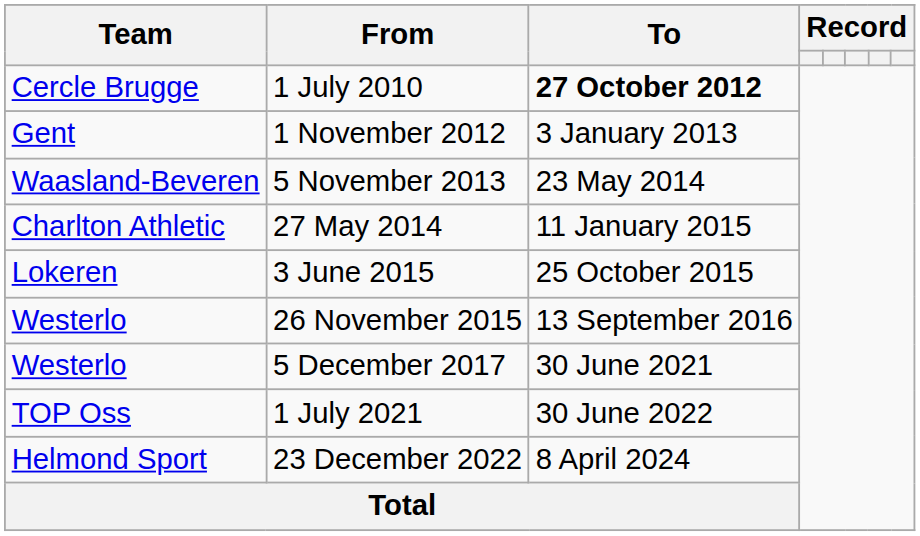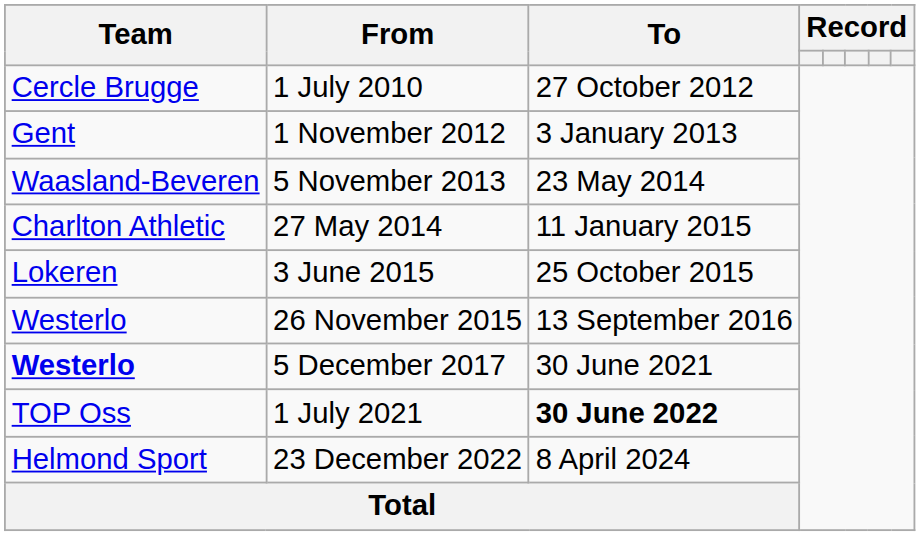 <table class=wikitable style=text-align:center>
 <tr>
 <th rowspan=2>Team</th>
 <th rowspan=2>From</th>
 <th rowspan=2>To</th>
 <th colspan=5>Record</th>
 </tr>
 <tr>
 <th></th>
 <th></th>
 <th></th>
 <th></th>
 <th></th>
 </tr>
 <tr>
 <td align=left><a href='#'>Cercle Brugge</a></td>
 <td align=left>1 July 2010</td>
-<td align=left><strong>27 October 2012<br></strong></td>
+<td align=left>27 October 2012<br></td>
 </tr>
 <tr>
 <td align=left><a href='#'>Gent</a></td>
 <td align=left>1 November 2012</td>
 <td align=left>3 January 2013<br></td>
 </tr>
 <tr>
 <td align=left><a href='#'>Waasland-Beveren</a></td>
 <td align=left>5 November 2013</td>
 <td align=left>23 May 2014<br></td>
 </tr>
 <tr>
 <td align=left><a href='#'>Charlton Athletic</a></td>
 <td align=left>27 May 2014</td>
 <td align=left>11 January 2015<br></td>
 </tr>
 <tr>
 <td align=left><a href='#'>Lokeren</a></td>
 <td align=left>3 June 2015</td>
 <td align=left>25 October 2015<br></td>
 </tr>
 <tr>
 <td align=left><a href='#'>Westerlo</a></td>
 <td align=left>26 November 2015</td>
 <td align=left>13 September 2016<br></td>
 </tr>
 <tr>
-<td align=left><a href='#'>Westerlo</a></td>
+<td align=left><strong><a href='#'>Westerlo</a></strong></td>
 <td align=left>5 December 2017</td>
 <td align=left>30 June 2021<br></td>
 </tr>
 <tr>
 <td align=left><a href='#'>TOP Oss</a></td>
 <td align=left>1 July 2021</td>
-<td align=left>30 June 2022<br></td>
+<td align=left><strong>30 June 2022<br></strong></td>
 </tr>
 <tr>
 <td align=left><a href='#'>Helmond Sport</a></td>
 <td align=left>23 December 2022</td>
 <td align=left>8 April 2024<br></td>
 </tr>
 <tr>
 <th colspan=3>Total<br></th>
 </tr>
 </table>
